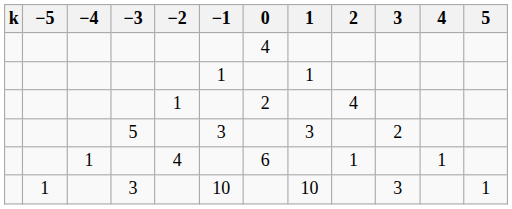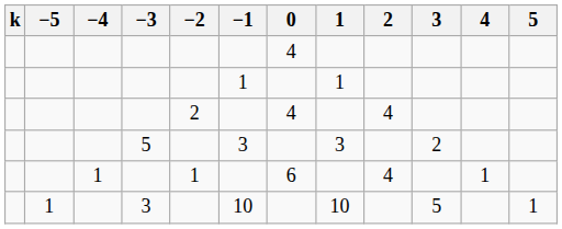 <table class="wikitable" style="text-align:center">
 <tr>
 <th>k</th>
 <th style="width:2em">−5</th>
 <th style="width:2em">−4</th>
 <th style="width:2em">−3</th>
 <th style="width:2em">−2</th>
 <th style="width:2em">−1</th>
 <th style="width:2em">0</th>
 <th style="width:2em">1</th>
 <th style="width:2em">2</th>
 <th style="width:2em">3</th>
 <th style="width:2em">4</th>
 <th style="width:2em">5</th>
 </tr>
 <tr>
 <td></td>
 <td></td>
 <td></td>
 <td></td>
 <td></td>
 <td></td>
 <td>4</td>
 <td></td>
 <td></td>
 <td></td>
 <td></td>
 <td></td>
 </tr>
 <tr>
 <td></td>
 <td></td>
 <td></td>
 <td></td>
 <td></td>
 <td>1</td>
 <td></td>
 <td>1</td>
 <td></td>
 <td></td>
 <td></td>
 <td></td>
 </tr>
 <tr>
 <td></td>
 <td></td>
 <td></td>
 <td></td>
-<td>1</td>
+<td>2</td>
 <td></td>
-<td>2</td>
+<td>4</td>
 <td></td>
 <td>4</td>
 <td></td>
 <td></td>
 <td></td>
 </tr>
 <tr>
 <td></td>
 <td></td>
 <td></td>
 <td>5</td>
 <td></td>
 <td>3</td>
 <td></td>
 <td>3</td>
 <td></td>
 <td>2</td>
 <td></td>
 <td></td>
 </tr>
 <tr>
 <td></td>
 <td></td>
 <td>1</td>
 <td></td>
-<td>4</td>
+<td>1</td>
 <td></td>
 <td>6</td>
 <td></td>
-<td>1</td>
+<td>4</td>
 <td></td>
 <td>1</td>
 <td></td>
 </tr>
 <tr>
 <td></td>
 <td>1</td>
 <td></td>
 <td>3</td>
 <td></td>
 <td>10</td>
 <td></td>
 <td>10</td>
 <td></td>
-<td>3</td>
+<td>5</td>
 <td></td>
 <td>1</td>
 </tr>
 </table>
